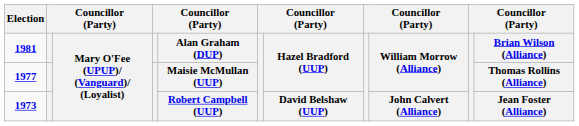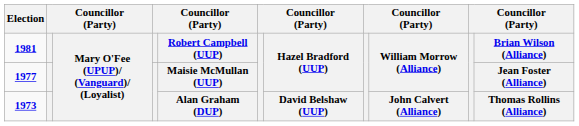 <table class="wikitable" style="text-align:center">
 <tr>
 <th scope="col" width="50">Election</th>
 <th scope="col" width="150" colspan = "2">Councillor<br> (Party)</th>
 <th scope="col" width="150" colspan = "2">Councillor<br> (Party)</th>
 <th scope="col" width="150" colspan = "2">Councillor<br> (Party)</th>
 <th scope="col" width="150" colspan = "2">Councillor<br> (Party)</th>
 <th scope="col" width="150" colspan = "2">Councillor<br> (Party)</th>
 </tr>
 <tr>
 <td><strong><a href='#'>1981</a></strong></td>
 <th rowspan="1" width="1" style="background-color: "></th>
 <th rowspan = "3">Mary O'Fee <br> (<a href='#'>UPUP</a>)/ <br> (<a href='#'>Vanguard</a>)/ <br> (Loyalist)</th>
 <th rowspan="1" width="1" style="background-color: "></th>
-<th rowspan = "1">Alan Graham <br> (<a href='#'>DUP</a>)</th>
+<th rowspan = "1"><a href='#'>Robert Campbell</a> <br> (<a href='#'>UUP</a>)</th>
 <th rowspan="3" width="1" style="background-color: "></th>
 <th rowspan = "2">Hazel Bradford <br> (<a href='#'>UUP</a>)</th>
 <th rowspan="3" width="1" style="background-color: "></th>
 <th rowspan = "2">William Morrow <br> (<a href='#'>Alliance</a>)</th>
 <th rowspan="3" width="1" style="background-color: "></th>
 <th rowspan = "1"><a href='#'>Brian Wilson</a> <br> (<a href='#'>Alliance</a>)</th>
 </tr>
 <tr>
 <td><strong><a href='#'>1977</a></strong></td>
 <th rowspan="1" width="1" style="background-color: "></th>
 <th rowspan="2" width="1" style="background-color: "></th>
 <th rowspan = "1">Maisie McMullan <br> (<a href='#'>UUP</a>)</th>
-<th rowspan = "1">Thomas Rollins <br> (<a href='#'>Alliance</a>)</th>
+<th rowspan = "1">Jean Foster <br> (<a href='#'>Alliance</a>)</th>
 </tr>
 <tr>
 <td><strong><a href='#'>1973</a></strong></td>
 <th rowspan="1" width="1" style="background-color: "></th>
-<th rowspan = "1"><a href='#'>Robert Campbell</a> <br> (<a href='#'>UUP</a>)</th>
+<th rowspan = "1">Alan Graham <br> (<a href='#'>DUP</a>)</th>
 <th rowspan = "1">David Belshaw <br> (<a href='#'>UUP</a>)</th>
 <th rowspan = "1">John Calvert <br> (<a href='#'>Alliance</a>)</th>
-<th rowspan = "1">Jean Foster <br> (<a href='#'>Alliance</a>)</th>
+<th rowspan = "1">Thomas Rollins <br> (<a href='#'>Alliance</a>)</th>
 </tr>
 </table>
